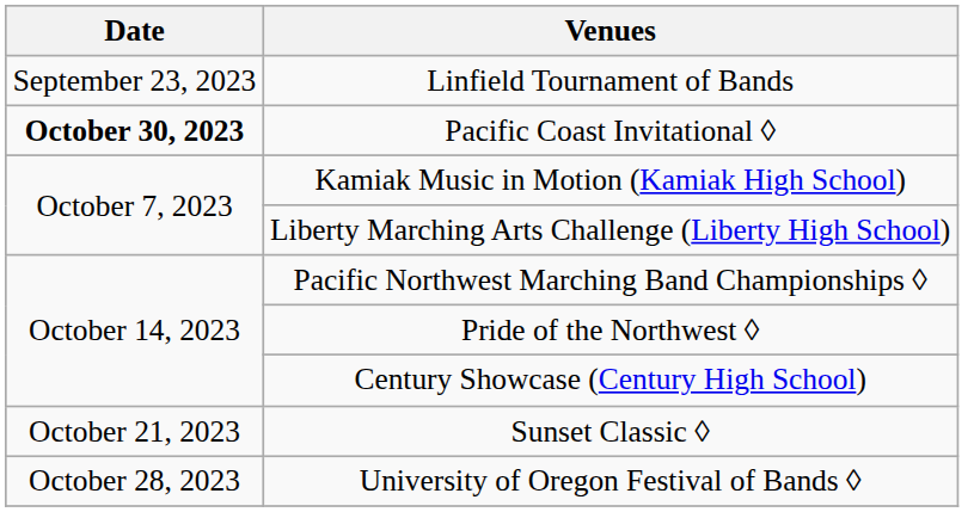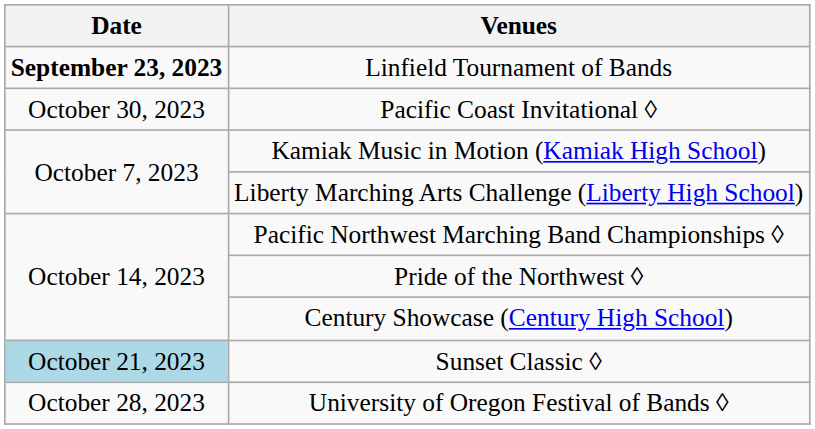 <table class="wikitable" style="font-size: 95%; text-align: center;">
 <tr>
 <th>Date</th>
 <th>Venues</th>
 </tr>
 <tr>
-<td>September 23, 2023</td>
+<td><strong>September 23, 2023</strong></td>
 <td>Linfield Tournament of Bands</td>
 </tr>
 <tr>
-<td><strong>October 30, 2023</strong></td>
+<td>October 30, 2023</td>
 <td>Pacific Coast Invitational ◊</td>
 </tr>
 <tr>
 <td rowspan="2">October 7, 2023</td>
 <td>Kamiak Music in Motion (<a href='#'>Kamiak High School</a>)</td>
 </tr>
 <tr>
 <td>Liberty Marching Arts Challenge (<a href='#'>Liberty High School</a>)</td>
 </tr>
 <tr>
 <td rowspan="3">October 14, 2023</td>
 <td>Pacific Northwest Marching Band Championships ◊</td>
 </tr>
 <tr>
 <td>Pride of the Northwest ◊</td>
 </tr>
 <tr>
 <td>Century Showcase (<a href='#'>Century High School</a>)</td>
 </tr>
 <tr>
-<td>October 21, 2023</td>
+<td style="background: lightblue;">October 21, 2023</td>
 <td>Sunset Classic ◊</td>
 </tr>
 <tr>
 <td>October 28, 2023</td>
 <td>University of Oregon Festival of Bands ◊ </td>
 </tr>
 </table>
